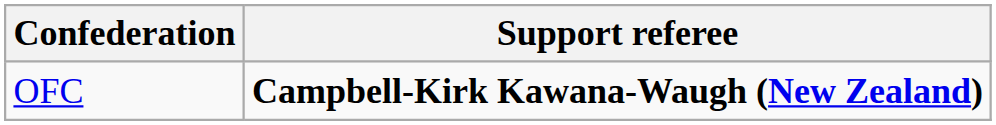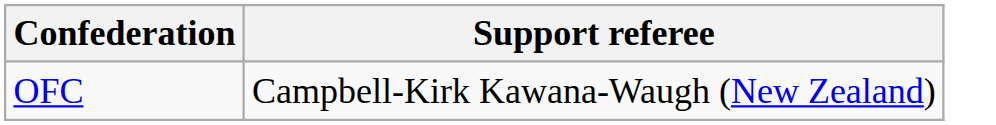 <table class="wikitable">
 <tr>
 <th>Confederation</th>
 <th>Support referee</th>
 </tr>
 <tr>
 <td><a href='#'>OFC</a></td>
-<td><strong>Campbell-Kirk Kawana-Waugh (<a href='#'>New Zealand</a>)</strong></td>
+<td>Campbell-Kirk Kawana-Waugh (<a href='#'>New Zealand</a>)</td>
 </tr>
 </table>
